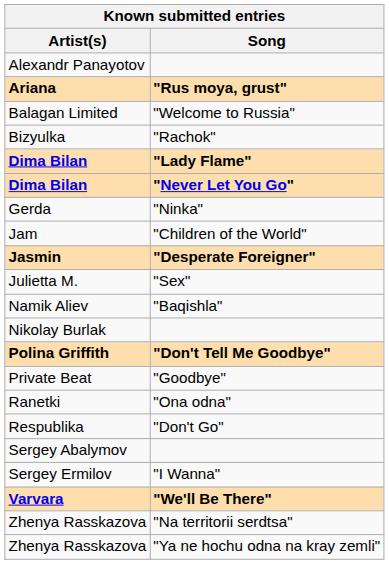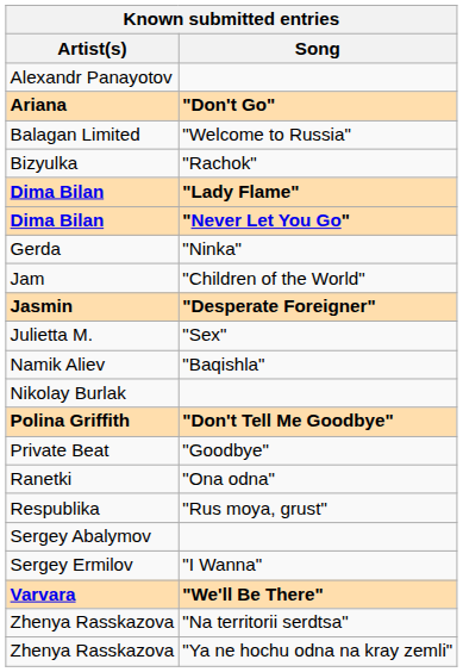 <table class="wikitable collapsible" style="margin: 1em auto 1em auto">
 <tr>
 <th colspan="2">Known submitted entries</th>
 </tr>
 <tr>
 <th scope="col">Artist(s)</th>
 <th scope="col">Song</th>
 </tr>
 <tr>
 <td>Alexandr Panayotov</td>
 <td></td>
 </tr>
 <tr style="font-weight:bold; background:navajowhite;">
 <td>Ariana</td>
-<td>"Rus moya, grust" </td>
+<td>"Don't Go"</td>
 </tr>
 <tr>
 <td>Balagan Limited</td>
 <td>"Welcome to Russia"</td>
 </tr>
 <tr>
 <td>Bizyulka</td>
 <td>"Rachok" </td>
 </tr>
 <tr style="font-weight:bold; background:navajowhite;">
 <td><a href='#'>Dima Bilan</a></td>
 <td>"Lady Flame"</td>
 </tr>
 <tr style="font-weight:bold; background:navajowhite;">
 <td><a href='#'>Dima Bilan</a></td>
 <td>"<a href='#'>Never Let You Go</a>"</td>
 </tr>
 <tr>
 <td>Gerda</td>
 <td>"Ninka" </td>
 </tr>
 <tr>
 <td>Jam</td>
 <td>"Children of the World"</td>
 </tr>
 <tr style="font-weight:bold; background:navajowhite;">
 <td>Jasmin</td>
 <td>"Desperate Foreigner"</td>
 </tr>
 <tr>
 <td>Julietta M.</td>
 <td>"Sex"</td>
 </tr>
 <tr>
 <td>Namik Aliev</td>
 <td>"Baqishla"</td>
 </tr>
 <tr>
 <td>Nikolay Burlak</td>
 <td></td>
 </tr>
 <tr style="font-weight:bold; background:navajowhite;">
 <td>Polina Griffith</td>
 <td>"Don't Tell Me Goodbye"</td>
 </tr>
 <tr>
 <td>Private Beat</td>
 <td>"Goodbye"</td>
 </tr>
 <tr>
 <td>Ranetki</td>
 <td>"Ona odna" </td>
 </tr>
 <tr>
 <td>Respublika</td>
-<td>"Don't Go"</td>
+<td>"Rus moya, grust" </td>
 </tr>
 <tr>
 <td>Sergey Abalymov</td>
 <td></td>
 </tr>
 <tr>
 <td>Sergey Ermilov</td>
 <td>"I Wanna"</td>
 </tr>
 <tr style="font-weight:bold; background:navajowhite;">
 <td><a href='#'>Varvara</a></td>
 <td>"We'll Be There"</td>
 </tr>
 <tr>
 <td>Zhenya Rasskazova</td>
 <td>"Na territorii serdtsa" </td>
 </tr>
 <tr>
 <td>Zhenya Rasskazova</td>
 <td>"Ya ne hochu odna na kray zemli" </td>
 </tr>
 </table>
